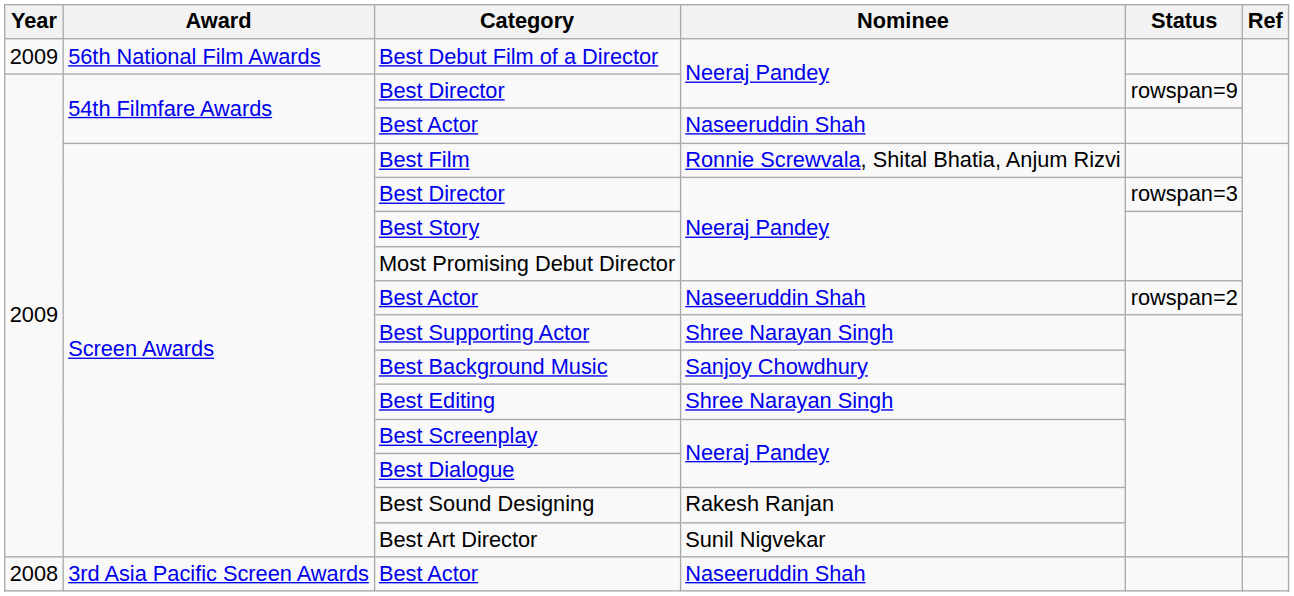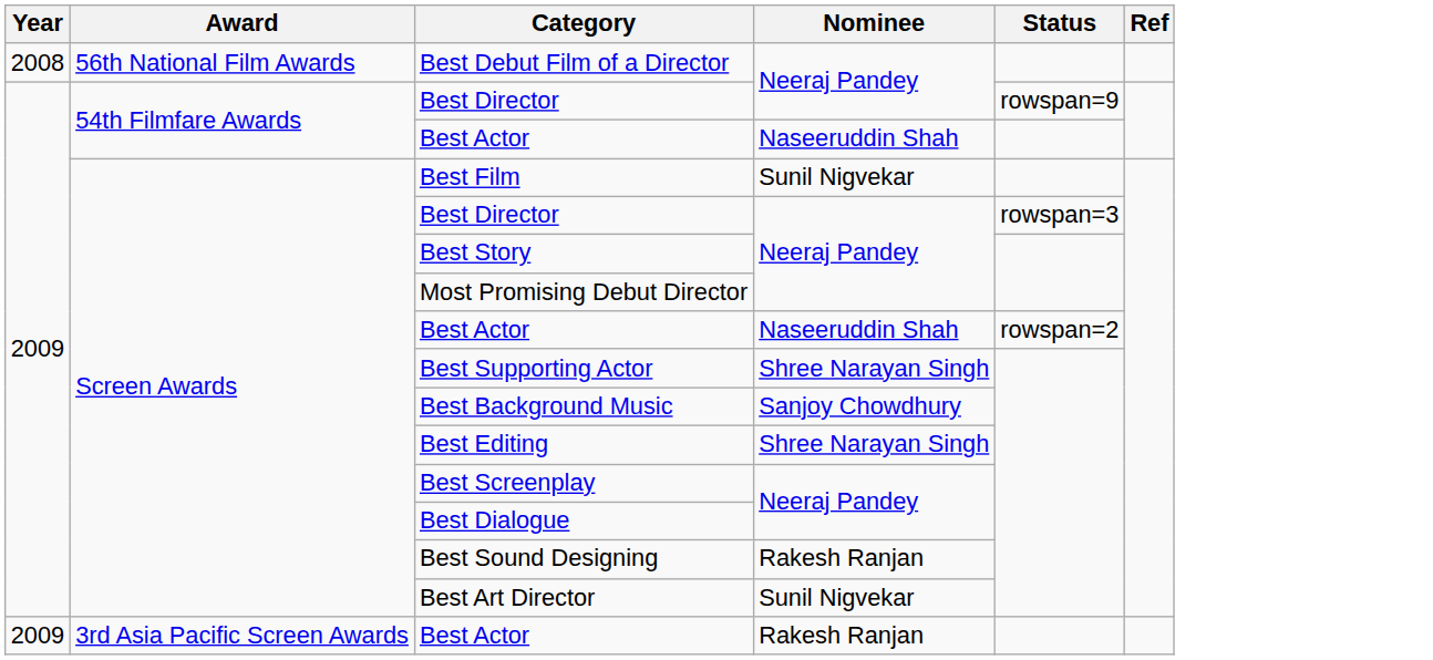 <table class="wikitable">
 <tr>
 <th>Year</th>
 <th>Award</th>
 <th>Category</th>
 <th>Nominee</th>
 <th>Status</th>
 <th>Ref</th>
 </tr>
 <tr>
-<td>2009</td>
+<td>2008</td>
 <td><a href='#'>56th National Film Awards</a></td>
 <td><a href='#'>Best Debut Film of a Director</a></td>
 <td rowspan="2"><a href='#'>Neeraj Pandey</a></td>
 <td></td>
 <td></td>
 </tr>
 <tr>
 <td rowspan=14>2009</td>
 <td rowspan=2><a href='#'>54th Filmfare Awards</a></td>
 <td><a href='#'>Best Director</a></td>
 <td>rowspan=9 </td>
 <td rowspan=2></td>
 </tr>
 <tr>
 <td><a href='#'>Best Actor</a></td>
 <td><a href='#'>Naseeruddin Shah</a></td>
 </tr>
 <tr>
 <td rowspan=12><a href='#'>Screen Awards</a></td>
 <td><a href='#'>Best Film</a></td>
-<td><a href='#'>Ronnie Screwvala</a>, Shital Bhatia, Anjum Rizvi</td>
+<td>Sunil Nigvekar</td>
 <td></td>
 <td rowspan=12></td>
 </tr>
 <tr>
 <td><a href='#'>Best Director</a></td>
 <td rowspan="3"><a href='#'>Neeraj Pandey</a></td>
 <td>rowspan=3 </td>
 </tr>
 <tr>
 <td><a href='#'>Best Story</a></td>
 </tr>
 <tr>
 <td>Most Promising Debut Director</td>
 </tr>
 <tr>
 <td><a href='#'>Best Actor</a></td>
 <td><a href='#'>Naseeruddin Shah</a></td>
 <td>rowspan=2 </td>
 </tr>
 <tr>
 <td><a href='#'>Best Supporting Actor</a></td>
 <td><a href='#'>Shree Narayan Singh</a></td>
 </tr>
 <tr>
 <td><a href='#'>Best Background Music</a></td>
 <td><a href='#'>Sanjoy Chowdhury</a></td>
 </tr>
 <tr>
 <td><a href='#'>Best Editing</a></td>
 <td><a href='#'>Shree Narayan Singh</a></td>
 </tr>
 <tr>
 <td><a href='#'>Best Screenplay</a></td>
 <td rowspan="2"><a href='#'>Neeraj Pandey</a></td>
 </tr>
 <tr>
 <td><a href='#'>Best Dialogue</a></td>
 </tr>
 <tr>
 <td>Best Sound Designing</td>
 <td>Rakesh Ranjan</td>
 </tr>
 <tr>
 <td>Best Art Director</td>
 <td>Sunil Nigvekar</td>
 </tr>
 <tr>
-<td>2008</td>
+<td>2009</td>
 <td><a href='#'>3rd Asia Pacific Screen Awards</a></td>
 <td><a href='#'>Best Actor</a></td>
-<td><a href='#'>Naseeruddin Shah</a></td>
+<td>Rakesh Ranjan</td>
 <td></td>
 </tr>
 </table>
